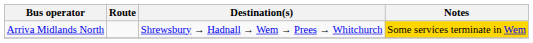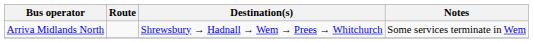 <table class="wikitable">
 <tr>
 <th>Bus operator</th>
 <th>Route</th>
 <th>Destination(s)</th>
 <th>Notes</th>
 </tr>
 <tr>
 <td><a href='#'>Arriva Midlands North</a></td>
 <td><strong></strong></td>
 <td><a href='#'>Shrewsbury</a> → <a href='#'>Hadnall</a> → <a href='#'>Wem</a> → <a href='#'>Prees</a> → <a href='#'>Whitchurch</a></td>
-<td style="background: gold;">Some services terminate in <a href='#'>Wem</a></td>
+<td>Some services terminate in <a href='#'>Wem</a></td>
 </tr>
 <tr>
 </tr>
 </table>
